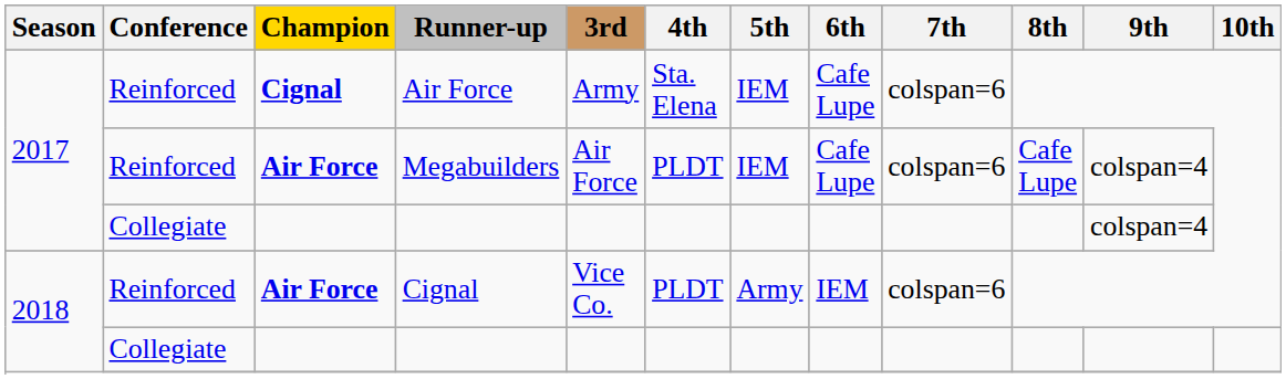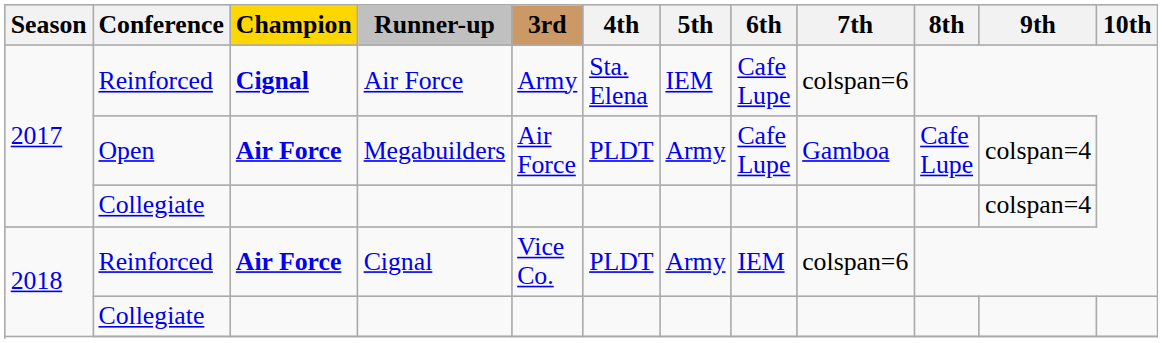 <table class="wikitable">
 <tr>
 <th>Season</th>
 <th>Conference</th>
 <th style="background:gold">Champion</th>
 <th style="background:silver">Runner-up</th>
 <th style="background:#CC9966">3rd</th>
 <th>4th</th>
 <th>5th</th>
 <th>6th</th>
 <th>7th</th>
 <th>8th</th>
 <th>9th</th>
 <th>10th</th>
 </tr>
 <tr>
 <td rowspan=3><a href='#'>2017</a></td>
 <td><a href='#'>Reinforced</a></td>
 <td><strong> <a href='#'>Cignal</a></strong></td>
 <td><a href='#'>Air Force</a></td>
 <td><a href='#'>Army</a></td>
 <td><a href='#'>Sta. Elena</a></td>
 <td><a href='#'>IEM</a></td>
 <td><a href='#'>Cafe Lupe</a></td>
 <td>colspan=6 </td>
 </tr>
 <tr>
-<td><a href='#'>Reinforced</a></td>
+<td><a href='#'>Open</a></td>
 <td><strong> <a href='#'>Air Force</a></strong></td>
 <td><a href='#'>Megabuilders</a></td>
 <td><a href='#'>Air Force</a></td>
 <td><a href='#'>PLDT</a></td>
-<td><a href='#'>IEM</a></td>
+<td><a href='#'>Army</a></td>
 <td><a href='#'>Cafe Lupe</a></td>
-<td>colspan=6 </td>
+<td><a href='#'>Gamboa</a></td>
 <td><a href='#'>Cafe Lupe</a></td>
 <td>colspan=4 </td>
 </tr>
 <tr>
 <td><a href='#'>Collegiate</a></td>
 <td><strong></strong></td>
 <td></td>
 <td></td>
 <td></td>
 <td></td>
 <td></td>
 <td></td>
 <td></td>
 <td>colspan=4 </td>
 </tr>
 <tr>
 <td rowspan=3><a href='#'>2018</a></td>
 <td><a href='#'>Reinforced</a></td>
 <td><strong> <a href='#'>Air Force</a></strong></td>
 <td><a href='#'>Cignal</a></td>
 <td><a href='#'>Vice Co.</a></td>
 <td><a href='#'>PLDT</a></td>
 <td><a href='#'>Army</a></td>
 <td><a href='#'>IEM</a></td>
 <td>colspan=6 </td>
 </tr>
 <tr>
 <td><a href='#'>Collegiate</a></td>
 <td><strong></strong></td>
 <td></td>
 <td></td>
 <td></td>
 <td></td>
 <td></td>
 <td></td>
 <td></td>
 <td></td>
 <td></td>
 </tr>
 <tr>
 </tr>
 </table>
